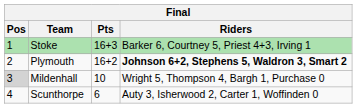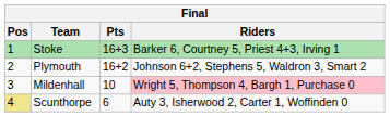 <table class="wikitable">
 <tr>
 <th colspan="4">Final</th>
 </tr>
 <tr>
 <th width=20>Pos</th>
 <th width=90>Team</th>
 <th width=20>Pts</th>
 <th width=350>Riders</th>
 </tr>
 <tr style="background:#ACE1AF;">
 <td>1</td>
 <td align=left>Stoke</td>
 <td>16+3</td>
 <td>Barker 6, Courtney 5, Priest 4+3, Irving 1</td>
 </tr>
 <tr>
 <td>2</td>
 <td align=left>Plymouth</td>
 <td>16+2</td>
-<td><strong>Johnson 6+2, Stephens 5, Waldron 3, Smart 2</strong></td>
+<td>Johnson 6+2, Stephens 5, Waldron 3, Smart 2</td>
 </tr>
 <tr>
-<td style="background: lightgrey;">3</td>
+<td>3</td>
 <td align=left>Mildenhall</td>
 <td>10</td>
-<td>Wright 5, Thompson 4, Bargh 1, Purchase 0</td>
+<td style="background: pink;">Wright 5, Thompson 4, Bargh 1, Purchase 0</td>
 </tr>
 <tr>
-<td>4</td>
+<td style="background: khaki;">4</td>
 <td align=left>Scunthorpe</td>
 <td>6</td>
 <td>Auty 3, Isherwood 2, Carter 1, Woffinden 0</td>
 </tr>
 </table>
